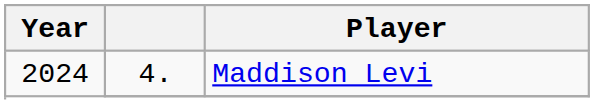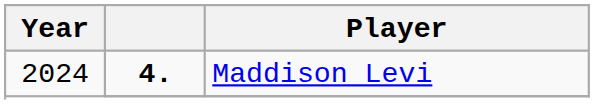 <table class="wikitable">
 <tr>
 <th width=40>Year</th>
 <th width=40></th>
 <th width=170>Player</th>
 </tr>
 <tr>
 <td align=center rowspan=2>2024</td>
-<td align=center>4.</td>
+<td align=center><strong>4.</strong></td>
 <td><a href='#'>Maddison Levi</a></td>
 </tr>
 <tr>
 </tr>
 </table>
